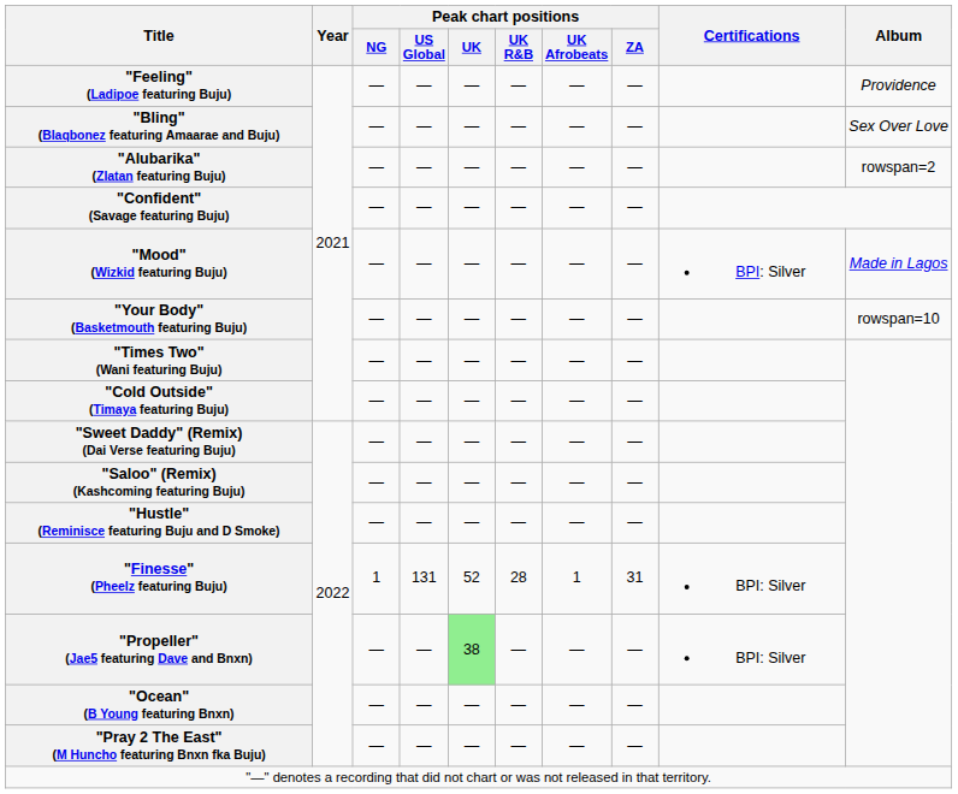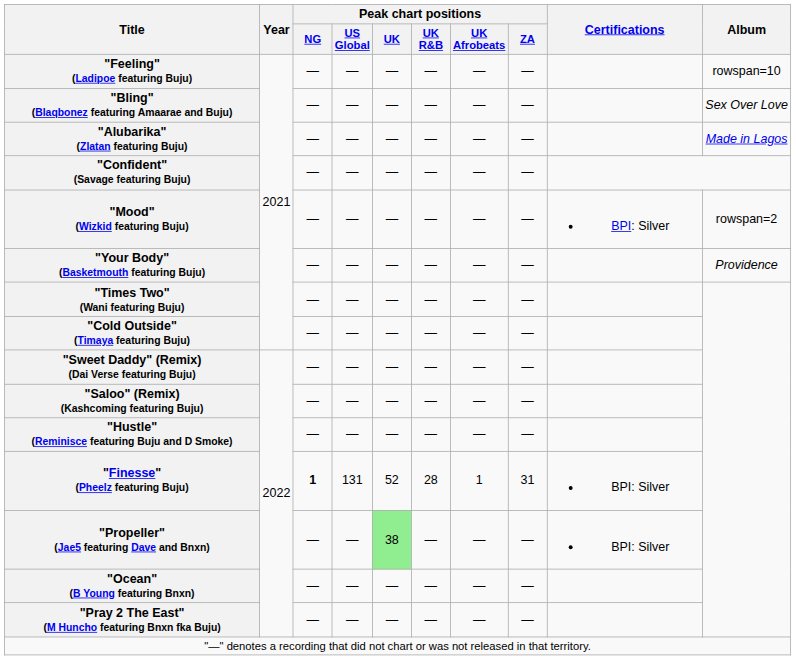 <table class="wikitable plainrowheaders" style="text-align:center;">
 <tr>
 <th scope="col" rowspan="2" style="width:20em;">Title</th>
 <th scope="col" rowspan="2">Year</th>
 <th scope="col" colspan="6">Peak chart positions</th>
 <th scope="col" rowspan="2" style="width:12em;"><a href='#'>Certifications</a></th>
 <th scope="col" rowspan="2">Album</th>
 </tr>
 <tr>
 <th scope="col" style="width:3em;font-size:90%;"><a href='#'>NG</a><br></th>
 <th scope="col" style="width:3em;font-size:90%;"><a href='#'>US<br>Global</a><br></th>
 <th scope="col" style="width:3em;font-size:90%;"><a href='#'>UK</a><br></th>
 <th scope="col" style="width:3em;font-size:90%;"><a href='#'>UK<br>R&B</a><br></th>
 <th scope="col" style="width:3em;font-size:90%;"><a href='#'>UK<br>Afrobeats</a><br></th>
 <th scope="col" style="width:3em;font-size:90%;"><a href='#'>ZA</a><br></th>
 </tr>
 <tr>
 <th scope="row">"Feeling"<br><small>(<a href='#'>Ladipoe</a> featuring Buju)</small></th>
 <td rowspan=8>2021</td>
 <td>—</td>
 <td>—</td>
 <td>—</td>
 <td>—</td>
 <td>—</td>
 <td>—</td>
 <td></td>
-<td><em>Providence</em></td>
+<td>rowspan=10 </td>
 </tr>
 <tr>
 <th scope="row">"Bling"<br><small>(<a href='#'>Blaqbonez</a> featuring Amaarae and Buju)</small></th>
 <td>—</td>
 <td>—</td>
 <td>—</td>
 <td>—</td>
 <td>—</td>
 <td>—</td>
 <td></td>
 <td><em>Sex Over Love</em></td>
 </tr>
 <tr>
 <th scope="row">"Alubarika"<br><small>(<a href='#'>Zlatan</a> featuring Buju)</small></th>
 <td>—</td>
 <td>—</td>
 <td>—</td>
 <td>—</td>
 <td>—</td>
 <td>—</td>
 <td></td>
-<td>rowspan=2 </td>
+<td><em><a href='#'>Made in Lagos</a></em></td>
 </tr>
 <tr>
 <th scope="row">"Confident"<br><small>(Savage featuring Buju)</small></th>
 <td>—</td>
 <td>—</td>
 <td>—</td>
 <td>—</td>
 <td>—</td>
 <td>—</td>
 </tr>
 <tr>
 <th scope="row">"Mood"<br><small>(<a href='#'>Wizkid</a> featuring Buju)</small></th>
 <td>—</td>
 <td>—</td>
 <td>—</td>
 <td>—</td>
 <td>—</td>
 <td>—</td>
 <td><br><ul><li><a href='#'>BPI</a>: Silver</li></ul></td>
-<td><em><a href='#'>Made in Lagos</a></em></td>
+<td>rowspan=2 </td>
 </tr>
 <tr>
 <th scope="row">"Your Body"<br><small>(<a href='#'>Basketmouth</a> featuring Buju)</small></th>
 <td>—</td>
 <td>—</td>
 <td>—</td>
 <td>—</td>
 <td>—</td>
 <td>—</td>
 <td></td>
-<td>rowspan=10 </td>
+<td><em>Providence</em></td>
 </tr>
 <tr>
 <th scope="row">"Times Two"<br><small>(Wani featuring Buju)</small></th>
 <td>—</td>
 <td>—</td>
 <td>—</td>
 <td>—</td>
 <td>—</td>
 <td>—</td>
 <td></td>
 </tr>
 <tr>
 <th scope="row">"Cold Outside"<br><small>(<a href='#'>Timaya</a> featuring Buju)</small></th>
 <td>—</td>
 <td>—</td>
 <td>—</td>
 <td>—</td>
 <td>—</td>
 <td>—</td>
 <td></td>
 </tr>
 <tr>
 <th scope="row">"Sweet Daddy" (Remix)<br><small>(Dai Verse featuring Buju)</small></th>
 <td rowspan="7">2022</td>
 <td>—</td>
 <td>—</td>
 <td>—</td>
 <td>—</td>
 <td>—</td>
 <td>—</td>
 <td></td>
 </tr>
 <tr>
 <th scope="row">"Saloo" (Remix)<br><small>(Kashcoming featuring Buju)</small></th>
 <td>—</td>
 <td>—</td>
 <td>—</td>
 <td>—</td>
 <td>—</td>
 <td>—</td>
 <td></td>
 </tr>
 <tr>
 <th scope="row">"Hustle"<br><small>(<a href='#'>Reminisce</a> featuring Buju and D Smoke)</small></th>
 <td>—</td>
 <td>—</td>
 <td>—</td>
 <td>—</td>
 <td>—</td>
 <td>—</td>
 <td></td>
 </tr>
 <tr>
 <th scope="row">"<a href='#'>Finesse</a>"<br><small>(<a href='#'>Pheelz</a> featuring Buju)</small></th>
-<td>1</td>
+<td><strong>1</strong></td>
 <td>131</td>
 <td>52</td>
 <td>28</td>
 <td>1</td>
 <td>31</td>
 <td><br><ul><li>BPI: Silver</li></ul></td>
 </tr>
 <tr>
 <th scope="row">"Propeller"<br><small>(<a href='#'>Jae5</a> featuring <a href='#'>Dave</a> and Bnxn)</small></th>
 <td>—</td>
 <td>—</td>
 <td style="background: lightgreen;">38</td>
 <td>—</td>
 <td>—</td>
 <td>—</td>
 <td><br><ul><li>BPI: Silver</li></ul></td>
 </tr>
 <tr>
 <th scope="row">"Ocean"<br><small>(<a href='#'>B Young</a> featuring Bnxn)</small></th>
 <td>—</td>
 <td>—</td>
 <td>—</td>
 <td>—</td>
 <td>—</td>
 <td>—</td>
 <td></td>
 </tr>
 <tr>
 <th scope="row">"Pray 2 The East"<br><small>(<a href='#'>M Huncho</a> featuring Bnxn fka Buju)</small></th>
 <td>—</td>
 <td>—</td>
 <td>—</td>
 <td>—</td>
 <td>—</td>
 <td>—</td>
 <td></td>
 </tr>
 <tr>
 <td colspan="10" style="font-size:90%">"—" denotes a recording that did not chart or was not released in that territory.</td>
 </tr>
 </table>
